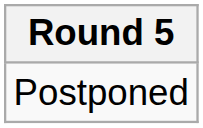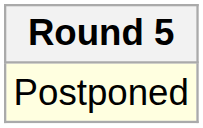 <table class="wikitable">
 <tr>
 <th>Round 5</th>
 </tr>
 <tr>
-<td>Postponed</td>
+<td style="background: lightyellow;">Postponed</td>
 </tr>
 </table>
